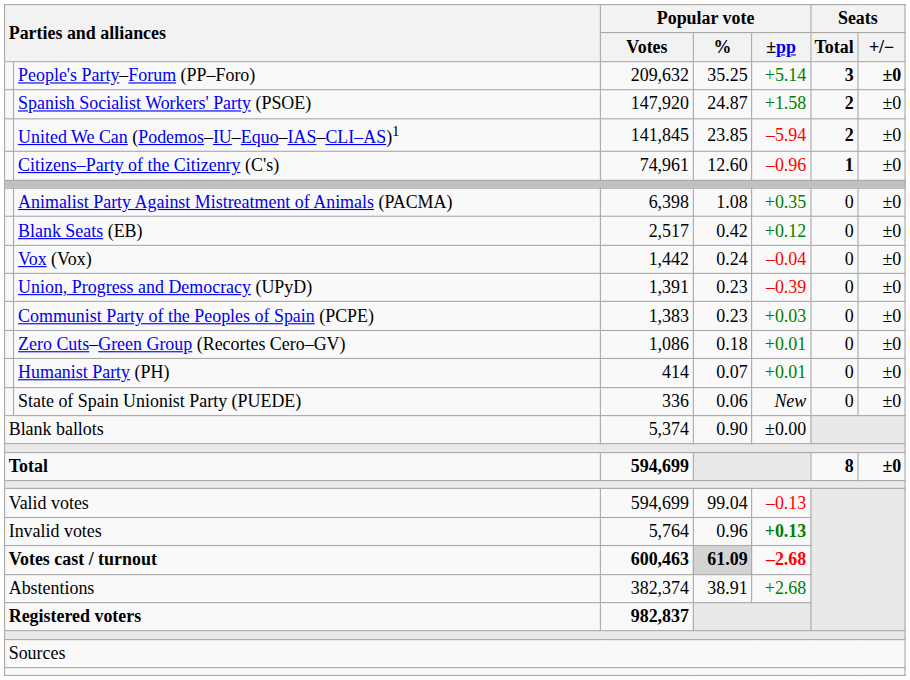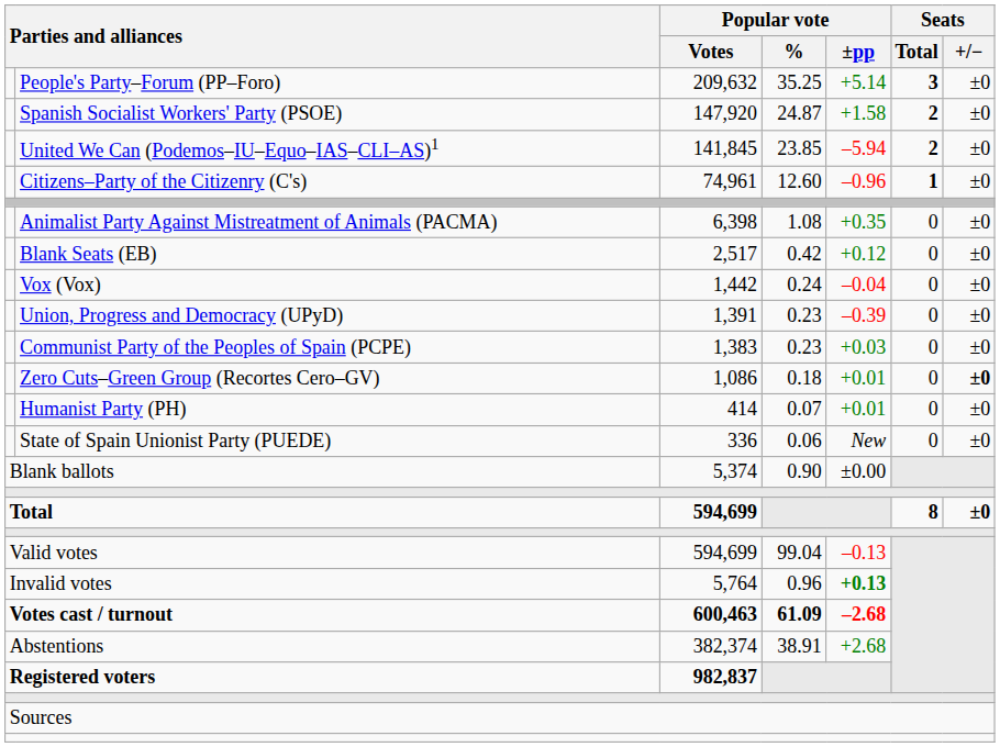 <table class="wikitable" style="text-align:right;">
 <tr>
 <th style="text-align:left;" rowspan="2" colspan="2" width="525">Parties and alliances</th>
 <th colspan="3">Popular vote</th>
 <th colspan="2">Seats</th>
 </tr>
 <tr>
 <th width="75">Votes</th>
 <th width="45">%</th>
 <th width="45">±<a href='#'>pp</a></th>
 <th width="35">Total</th>
 <th width="35">+/−</th>
 </tr>
 <tr>
 <td width="1" style="color:inherit;background:"></td>
 <td align="left"><a href='#'>People's Party</a>–<a href='#'>Forum</a> (PP–Foro)</td>
 <td>209,632</td>
 <td>35.25</td>
 <td style="color:green;">+5.14</td>
 <td><strong>3</strong></td>
-<td><strong>±0</strong></td>
+<td>±0</td>
 </tr>
 <tr>
 <td style="color:inherit;background:"></td>
 <td align="left"><a href='#'>Spanish Socialist Workers' Party</a> (PSOE)</td>
 <td>147,920</td>
 <td>24.87</td>
 <td style="color:green;">+1.58</td>
 <td><strong>2</strong></td>
 <td>±0</td>
 </tr>
 <tr>
 <td style="color:inherit;background:"></td>
 <td align="left"><a href='#'>United We Can</a> (<a href='#'>Podemos</a>–<a href='#'>IU</a>–<a href='#'>Equo</a>–<a href='#'>IAS</a>–<a href='#'>CLI–AS</a>)<sup>1</sup></td>
 <td>141,845</td>
 <td>23.85</td>
 <td style="color:red;">–5.94</td>
 <td><strong>2</strong></td>
 <td>±0</td>
 </tr>
 <tr>
 <td style="color:inherit;background:"></td>
 <td align="left"><a href='#'>Citizens–Party of the Citizenry</a> (C's)</td>
 <td>74,961</td>
 <td>12.60</td>
 <td style="color:red;">–0.96</td>
 <td><strong>1</strong></td>
 <td>±0</td>
 </tr>
 <tr>
 <td colspan="7" bgcolor="#C0C0C0"></td>
 </tr>
 <tr>
 <td style="color:inherit;background:"></td>
 <td align="left"><a href='#'>Animalist Party Against Mistreatment of Animals</a> (PACMA)</td>
 <td>6,398</td>
 <td>1.08</td>
 <td style="color:green;">+0.35</td>
 <td>0</td>
 <td>±0</td>
 </tr>
 <tr>
 <td style="color:inherit;background:"></td>
 <td align="left"><a href='#'>Blank Seats</a> (EB)</td>
 <td>2,517</td>
 <td>0.42</td>
 <td style="color:green;">+0.12</td>
 <td>0</td>
 <td>±0</td>
 </tr>
 <tr>
 <td style="color:inherit;background:"></td>
 <td align="left"><a href='#'>Vox</a> (Vox)</td>
 <td>1,442</td>
 <td>0.24</td>
 <td style="color:red;">–0.04</td>
 <td>0</td>
 <td>±0</td>
 </tr>
 <tr>
 <td style="color:inherit;background:"></td>
 <td align="left"><a href='#'>Union, Progress and Democracy</a> (UPyD)</td>
 <td>1,391</td>
 <td>0.23</td>
 <td style="color:red;">–0.39</td>
 <td>0</td>
 <td>±0</td>
 </tr>
 <tr>
 <td style="color:inherit;background:"></td>
 <td align="left"><a href='#'>Communist Party of the Peoples of Spain</a> (PCPE)</td>
 <td>1,383</td>
 <td>0.23</td>
 <td style="color:green;">+0.03</td>
 <td>0</td>
 <td>±0</td>
 </tr>
 <tr>
 <td style="color:inherit;background:"></td>
 <td align="left"><a href='#'>Zero Cuts</a>–<a href='#'>Green Group</a> (Recortes Cero–GV)</td>
 <td>1,086</td>
 <td>0.18</td>
 <td style="color:green;">+0.01</td>
 <td>0</td>
-<td>±0</td>
+<td><strong>±0</strong></td>
 </tr>
 <tr>
 <td style="color:inherit;background:"></td>
 <td align="left"><a href='#'>Humanist Party</a> (PH)</td>
 <td>414</td>
 <td>0.07</td>
 <td style="color:green;">+0.01</td>
 <td>0</td>
 <td>±0</td>
 </tr>
 <tr>
 <td style="color:inherit;background:"></td>
 <td align="left">State of Spain Unionist Party (PUEDE)</td>
 <td>336</td>
 <td>0.06</td>
 <td><em>New</em></td>
 <td>0</td>
 <td>±0</td>
 </tr>
 <tr>
 <td align="left" colspan="2">Blank ballots</td>
 <td>5,374</td>
 <td>0.90</td>
 <td>±0.00</td>
 <td bgcolor="#E9E9E9" colspan="2"></td>
 </tr>
 <tr>
 <td colspan="7" bgcolor="#E9E9E9"></td>
 </tr>
 <tr style="font-weight:bold;">
 <td align="left" colspan="2">Total</td>
 <td>594,699</td>
 <td bgcolor="#E9E9E9" colspan="2"></td>
 <td>8</td>
 <td>±0</td>
 </tr>
 <tr>
 <td colspan="7" bgcolor="#E9E9E9"></td>
 </tr>
 <tr>
 <td align="left" colspan="2">Valid votes</td>
 <td>594,699</td>
 <td>99.04</td>
 <td style="color:red;">–0.13</td>
 <td bgcolor="#E9E9E9" colspan="2" rowspan="5"></td>
 </tr>
 <tr>
 <td align="left" colspan="2">Invalid votes</td>
 <td>5,764</td>
 <td>0.96</td>
 <td style="color:green;"><strong>+0.13</strong></td>
 </tr>
 <tr style="font-weight:bold;">
 <td align="left" colspan="2">Votes cast / turnout</td>
 <td>600,463</td>
-<td style="background: lightgrey;">61.09</td>
+<td>61.09</td>
 <td style="color:red;">–2.68</td>
 </tr>
 <tr>
 <td align="left" colspan="2">Abstentions</td>
 <td>382,374</td>
 <td>38.91</td>
 <td style="color:green;">+2.68</td>
 </tr>
 <tr style="font-weight:bold;">
 <td align="left" colspan="2">Registered voters</td>
 <td>982,837</td>
 <td bgcolor="#E9E9E9" colspan="2"></td>
 </tr>
 <tr>
 <td colspan="7" bgcolor="#E9E9E9"></td>
 </tr>
 <tr>
 <td align="left" colspan="7">Sources</td>
 </tr>
 <tr>
 <td colspan="7" style="text-align:left; max-width:790px;"></td>
 </tr>
 </table>
